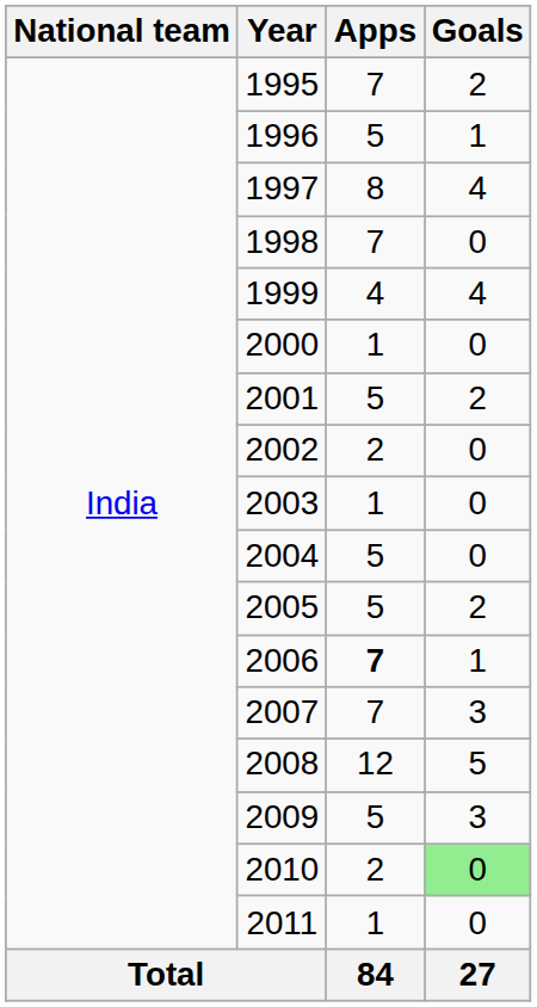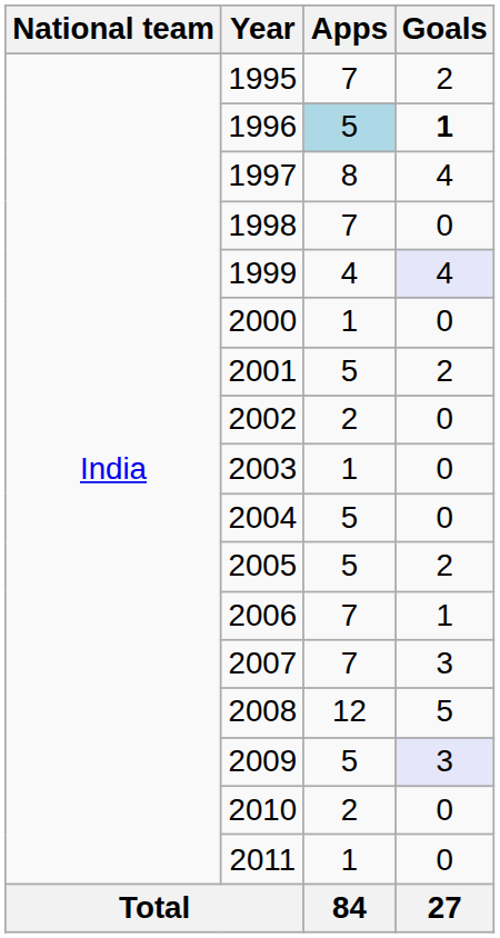 <table class="wikitable" style="text-align:center">
 <tr>
 <th>National team</th>
 <th>Year</th>
 <th>Apps</th>
 <th>Goals</th>
 </tr>
 <tr>
 <td rowspan="17"><a href='#'>India</a></td>
 <td>1995</td>
 <td>7</td>
 <td>2</td>
 </tr>
 <tr>
 <td>1996</td>
-<td>5</td>
-<td>1</td>
+<td style="background: lightblue;">5</td>
+<td><strong>1</strong></td>
 </tr>
 <tr>
 <td>1997</td>
 <td>8</td>
 <td>4</td>
 </tr>
 <tr>
 <td>1998</td>
 <td>7</td>
 <td>0</td>
 </tr>
 <tr>
 <td>1999</td>
 <td>4</td>
-<td>4</td>
+<td style="background: lavender;">4</td>
 </tr>
 <tr>
 <td>2000</td>
 <td>1</td>
 <td>0</td>
 </tr>
 <tr>
 <td>2001</td>
 <td>5</td>
 <td>2</td>
 </tr>
 <tr>
 <td>2002</td>
 <td>2</td>
 <td>0</td>
 </tr>
 <tr>
 <td>2003</td>
 <td>1</td>
 <td>0</td>
 </tr>
 <tr>
 <td>2004</td>
 <td>5</td>
 <td>0</td>
 </tr>
 <tr>
 <td>2005</td>
 <td>5</td>
 <td>2</td>
 </tr>
 <tr>
 <td>2006</td>
-<td><strong>7</strong></td>
+<td>7</td>
 <td>1</td>
 </tr>
 <tr>
 <td>2007</td>
 <td>7</td>
 <td>3</td>
 </tr>
 <tr>
 <td>2008</td>
 <td>12</td>
 <td>5</td>
 </tr>
 <tr>
 <td>2009</td>
 <td>5</td>
-<td>3</td>
+<td style="background: lavender;">3</td>
 </tr>
 <tr>
 <td>2010</td>
 <td>2</td>
-<td style="background: lightgreen;">0</td>
+<td>0</td>
 </tr>
 <tr>
 <td>2011</td>
 <td>1</td>
 <td>0</td>
 </tr>
 <tr>
 <th colspan="2">Total</th>
 <th>84</th>
 <th>27</th>
 </tr>
 </table>
